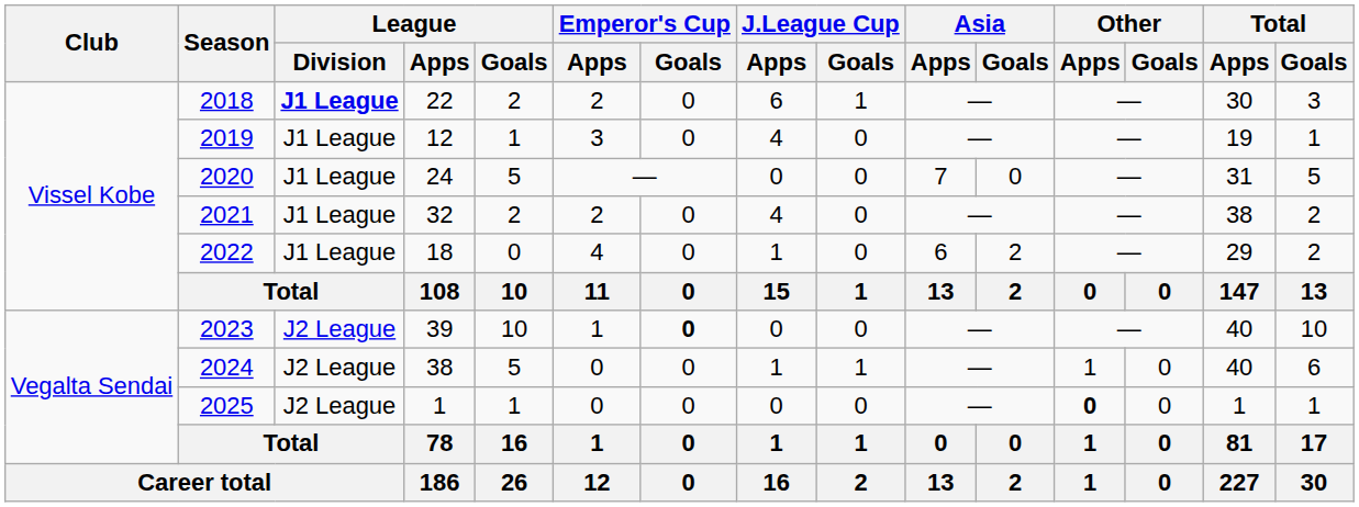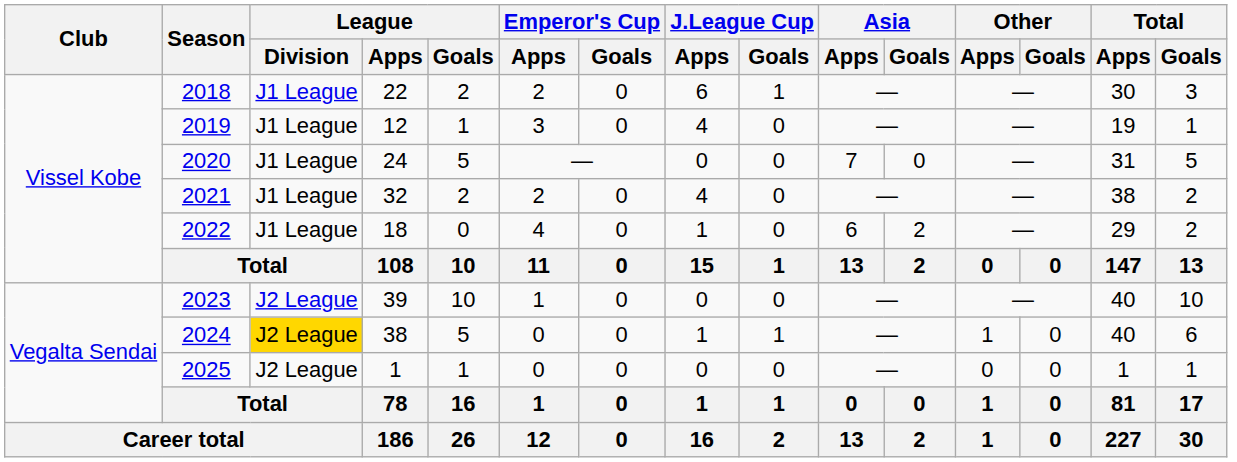 <table class="wikitable" style="text-align:center">
 <tr>
 <th rowspan="2">Club</th>
 <th rowspan="2">Season</th>
 <th colspan="3">League</th>
 <th colspan="2"><a href='#'>Emperor's Cup</a></th>
 <th colspan="2"><a href='#'>J.League Cup</a></th>
 <th colspan="2"><a href='#'>Asia</a></th>
 <th colspan="2">Other</th>
 <th colspan="2">Total</th>
 </tr>
 <tr>
 <th>Division</th>
 <th>Apps</th>
 <th>Goals</th>
 <th>Apps</th>
 <th>Goals</th>
 <th>Apps</th>
 <th>Goals</th>
 <th>Apps</th>
 <th>Goals</th>
 <th>Apps</th>
 <th>Goals</th>
 <th>Apps</th>
 <th>Goals</th>
 </tr>
 <tr>
 <td rowspan="6"><a href='#'>Vissel Kobe</a></td>
 <td><a href='#'>2018</a></td>
-<td><strong><a href='#'>J1 League</a></strong></td>
+<td><a href='#'>J1 League</a></td>
 <td>22</td>
 <td>2</td>
 <td>2</td>
 <td>0</td>
 <td>6</td>
 <td>1</td>
 <td colspan="2">—</td>
 <td colspan="2">—</td>
 <td>30</td>
 <td>3</td>
 </tr>
 <tr>
 <td><a href='#'>2019</a></td>
 <td>J1 League</td>
 <td>12</td>
 <td>1</td>
 <td>3</td>
 <td>0</td>
 <td>4</td>
 <td>0</td>
 <td colspan="2">—</td>
 <td colspan="2">—</td>
 <td>19</td>
 <td>1</td>
 </tr>
 <tr>
 <td><a href='#'>2020</a></td>
 <td>J1 League</td>
 <td>24</td>
 <td>5</td>
 <td colspan="2">—</td>
 <td>0</td>
 <td>0</td>
 <td>7</td>
 <td>0</td>
 <td colspan="2">—</td>
 <td>31</td>
 <td>5</td>
 </tr>
 <tr>
 <td><a href='#'>2021</a></td>
 <td>J1 League</td>
 <td>32</td>
 <td>2</td>
 <td>2</td>
 <td>0</td>
 <td>4</td>
 <td>0</td>
 <td colspan="2">—</td>
 <td colspan="2">—</td>
 <td>38</td>
 <td>2</td>
 </tr>
 <tr>
 <td><a href='#'>2022</a></td>
 <td>J1 League</td>
 <td>18</td>
 <td>0</td>
 <td>4</td>
 <td>0</td>
 <td>1</td>
 <td>0</td>
 <td>6</td>
 <td>2</td>
 <td colspan="2">—</td>
 <td>29</td>
 <td>2</td>
 </tr>
 <tr>
 <th colspan="2">Total</th>
 <th>108</th>
 <th>10</th>
 <th>11</th>
 <th>0</th>
 <th>15</th>
 <th>1</th>
 <th>13</th>
 <th>2</th>
 <th>0</th>
 <th>0</th>
 <th>147</th>
 <th>13</th>
 </tr>
 <tr>
 <td rowspan="4"><a href='#'>Vegalta Sendai</a></td>
 <td><a href='#'>2023</a></td>
 <td><a href='#'>J2 League</a></td>
 <td>39</td>
 <td>10</td>
 <td>1</td>
-<td><strong>0</strong></td>
+<td>0</td>
 <td>0</td>
 <td>0</td>
 <td colspan="2">—</td>
 <td colspan="2">—</td>
 <td>40</td>
 <td>10</td>
 </tr>
 <tr>
 <td><a href='#'>2024</a></td>
-<td>J2 League</td>
+<td style="background: gold;">J2 League</td>
 <td>38</td>
 <td>5</td>
 <td>0</td>
 <td>0</td>
 <td>1</td>
 <td>1</td>
 <td colspan="2">—</td>
 <td>1</td>
 <td>0</td>
 <td>40</td>
 <td>6</td>
 </tr>
 <tr>
 <td><a href='#'>2025</a></td>
 <td>J2 League</td>
 <td>1</td>
 <td>1</td>
 <td>0</td>
 <td>0</td>
 <td>0</td>
 <td>0</td>
 <td colspan="2">—</td>
-<td><strong>0</strong></td>
+<td>0</td>
 <td>0</td>
 <td>1</td>
 <td>1</td>
 </tr>
 <tr>
 <th colspan="2">Total</th>
 <th>78</th>
 <th>16</th>
 <th>1</th>
 <th>0</th>
 <th>1</th>
 <th>1</th>
 <th>0</th>
 <th>0</th>
 <th>1</th>
 <th>0</th>
 <th>81</th>
 <th>17</th>
 </tr>
 <tr>
 <th colspan="3">Career total</th>
 <th>186</th>
 <th>26</th>
 <th>12</th>
 <th>0</th>
 <th>16</th>
 <th>2</th>
 <th>13</th>
 <th>2</th>
 <th>1</th>
 <th>0</th>
 <th>227</th>
 <th>30</th>
 </tr>
 </table>
